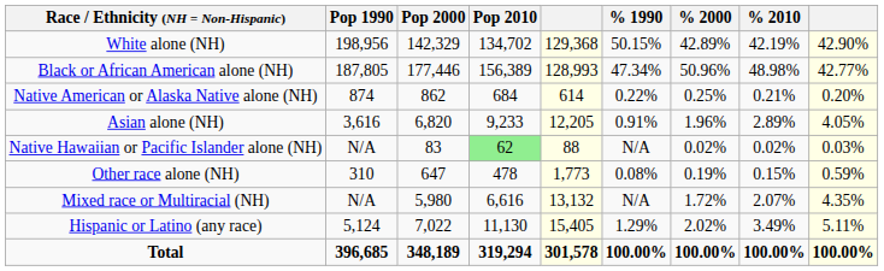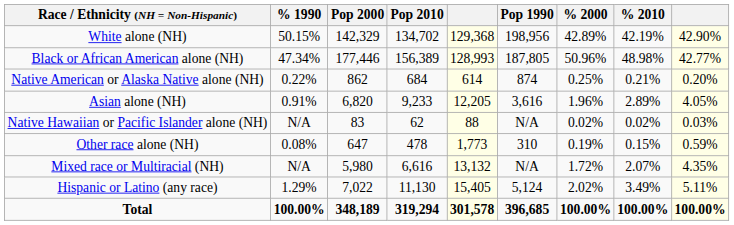 <table class="wikitable" style="text-align:center;">
 <tr>
 <th>Race / Ethnicity <small>(<em>NH = Non-Hispanic</em>)</small></th>
-<th>Pop 1990</th>
+<th>% 1990</th>
 <th>Pop 2000</th>
 <th>Pop 2010</th>
 <th></th>
-<th>% 1990</th>
+<th>Pop 1990</th>
 <th>% 2000</th>
 <th>% 2010</th>
 <th></th>
 </tr>
 <tr>
 <td><a href='#'>White</a> alone (NH)</td>
-<td>198,956</td>
+<td>50.15%</td>
 <td>142,329</td>
 <td>134,702</td>
 <td style='background: #ffffe6;'>129,368</td>
-<td>50.15%</td>
+<td>198,956</td>
 <td>42.89%</td>
 <td>42.19%</td>
 <td style='background: #ffffe6;'>42.90%</td>
 </tr>
 <tr>
 <td><a href='#'>Black or African American</a> alone (NH)</td>
-<td>187,805</td>
+<td>47.34%</td>
 <td>177,446</td>
 <td>156,389</td>
 <td style='background: #ffffe6;'>128,993</td>
-<td>47.34%</td>
+<td>187,805</td>
 <td>50.96%</td>
 <td>48.98%</td>
 <td style='background: #ffffe6;'>42.77%</td>
 </tr>
 <tr>
 <td><a href='#'>Native American</a> or <a href='#'>Alaska Native</a> alone (NH)</td>
-<td>874</td>
+<td>0.22%</td>
 <td>862</td>
 <td>684</td>
 <td style='background: #ffffe6;'>614</td>
-<td>0.22%</td>
+<td>874</td>
 <td>0.25%</td>
 <td>0.21%</td>
 <td style='background: #ffffe6;'>0.20%</td>
 </tr>
 <tr>
 <td><a href='#'>Asian</a> alone (NH)</td>
-<td>3,616</td>
+<td>0.91%</td>
 <td>6,820</td>
 <td>9,233</td>
 <td style='background: #ffffe6;'>12,205</td>
-<td>0.91%</td>
+<td>3,616</td>
 <td>1.96%</td>
 <td>2.89%</td>
 <td style='background: #ffffe6;'>4.05%</td>
 </tr>
 <tr>
 <td><a href='#'>Native Hawaiian</a> or <a href='#'>Pacific Islander</a> alone (NH)</td>
 <td>N/A</td>
 <td>83</td>
-<td style="background: lightgreen;">62</td>
+<td>62</td>
 <td style='background: #ffffe6;'>88</td>
 <td>N/A</td>
 <td>0.02%</td>
 <td>0.02%</td>
 <td style='background: #ffffe6;'>0.03%</td>
 </tr>
 <tr>
 <td><a href='#'>Other race</a> alone (NH)</td>
-<td>310</td>
+<td>0.08%</td>
 <td>647</td>
 <td>478</td>
 <td style='background: #ffffe6;'>1,773</td>
-<td>0.08%</td>
+<td>310</td>
 <td>0.19%</td>
 <td>0.15%</td>
 <td style='background: #ffffe6;'>0.59%</td>
 </tr>
 <tr>
 <td><a href='#'>Mixed race or Multiracial</a> (NH)</td>
 <td>N/A</td>
 <td>5,980</td>
 <td>6,616</td>
 <td style='background: #ffffe6;'>13,132</td>
 <td>N/A</td>
 <td>1.72%</td>
 <td>2.07%</td>
 <td style='background: #ffffe6;'>4.35%</td>
 </tr>
 <tr>
 <td><a href='#'>Hispanic or Latino</a> (any race)</td>
-<td>5,124</td>
+<td>1.29%</td>
 <td>7,022</td>
 <td>11,130</td>
 <td style='background: #ffffe6;'>15,405</td>
-<td>1.29%</td>
+<td>5,124</td>
 <td>2.02%</td>
 <td>3.49%</td>
 <td style='background: #ffffe6;'>5.11%</td>
 </tr>
 <tr>
 <td><strong>Total</strong></td>
-<td><strong>396,685</strong></td>
+<td><strong>100.00%</strong></td>
 <td><strong>348,189</strong></td>
 <td><strong>319,294</strong></td>
 <td style='background: #ffffe6;'><strong>301,578</strong></td>
-<td><strong>100.00%</strong></td>
+<td><strong>396,685</strong></td>
 <td><strong>100.00%</strong></td>
 <td><strong>100.00%</strong></td>
 <td style='background: #ffffe6;'><strong>100.00%</strong></td>
 </tr>
 </table>
